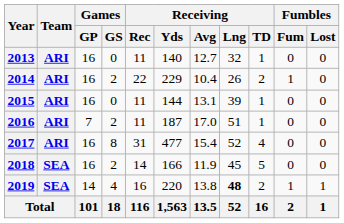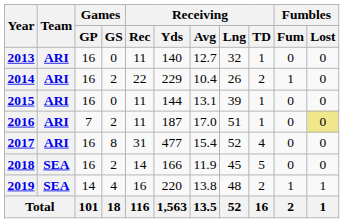 <table class=wikitable style="text-align:center;">
 <tr>
 <th rowspan="2">Year</th>
 <th rowspan="2">Team</th>
 <th colspan="2">Games</th>
 <th colspan="5">Receiving</th>
 <th colspan="2">Fumbles</th>
 </tr>
 <tr>
 <th>GP</th>
 <th>GS</th>
 <th>Rec</th>
 <th>Yds</th>
 <th>Avg</th>
 <th>Lng</th>
 <th>TD</th>
 <th>Fum</th>
 <th>Lost</th>
 </tr>
 <tr>
 <th><a href='#'>2013</a></th>
 <th><a href='#'>ARI</a></th>
 <td>16</td>
 <td>0</td>
 <td>11</td>
 <td>140</td>
 <td>12.7</td>
 <td>32</td>
 <td>1</td>
 <td>0</td>
 <td>0</td>
 </tr>
 <tr>
 <th><a href='#'>2014</a></th>
 <th><a href='#'>ARI</a></th>
 <td>16</td>
 <td>2</td>
 <td>22</td>
 <td>229</td>
 <td>10.4</td>
 <td>26</td>
 <td>2</td>
 <td>1</td>
 <td>0</td>
 </tr>
 <tr>
 <th><a href='#'>2015</a></th>
 <th><a href='#'>ARI</a></th>
 <td>16</td>
 <td>0</td>
 <td>11</td>
 <td>144</td>
 <td>13.1</td>
 <td>39</td>
 <td>1</td>
 <td>0</td>
 <td>0</td>
 </tr>
 <tr>
 <th><a href='#'>2016</a></th>
 <th><a href='#'>ARI</a></th>
 <td>7</td>
 <td>2</td>
 <td>11</td>
 <td>187</td>
 <td>17.0</td>
 <td>51</td>
 <td>1</td>
 <td>0</td>
-<td>0</td>
+<td style="background: khaki;">0</td>
 </tr>
 <tr>
 <th><a href='#'>2017</a></th>
 <th><a href='#'>ARI</a></th>
 <td>16</td>
 <td>8</td>
 <td>31</td>
 <td>477</td>
 <td>15.4</td>
 <td>52</td>
 <td>4</td>
 <td>0</td>
 <td>0</td>
 </tr>
 <tr>
 <th><a href='#'>2018</a></th>
 <th><a href='#'>SEA</a></th>
 <td>16</td>
 <td>2</td>
 <td>14</td>
 <td>166</td>
 <td>11.9</td>
 <td>45</td>
 <td>5</td>
 <td>0</td>
 <td>0</td>
 </tr>
 <tr>
 <th><a href='#'>2019</a></th>
 <th><a href='#'>SEA</a></th>
 <td>14</td>
 <td>4</td>
 <td>16</td>
 <td>220</td>
 <td>13.8</td>
-<td><strong>48</strong></td>
+<td>48</td>
 <td>2</td>
 <td>1</td>
 <td>1</td>
 </tr>
 <tr>
 <th colspan="2">Total</th>
 <th>101</th>
 <th>18</th>
 <th>116</th>
 <th>1,563</th>
 <th>13.5</th>
 <th>52</th>
 <th>16</th>
 <th>2</th>
 <th>1</th>
 </tr>
 </table>
